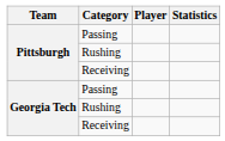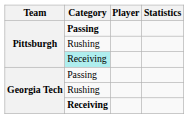 <table class="wikitable" style="float:right">
 <tr>
 <th>Team</th>
 <th>Category</th>
 <th>Player</th>
 <th>Statistics</th>
 </tr>
 <tr>
 <th rowspan=3>Pittsburgh</th>
-<td>Passing</td>
+<td><strong>Passing</strong></td>
 <td></td>
 <td></td>
 </tr>
 <tr>
 <td>Rushing</td>
 <td></td>
 <td></td>
 </tr>
 <tr>
-<td>Receiving</td>
+<td style="background: paleturquoise;">Receiving</td>
 <td></td>
 <td></td>
 </tr>
 <tr>
 <th rowspan=3>Georgia Tech</th>
 <td>Passing</td>
 <td></td>
 <td></td>
 </tr>
 <tr>
 <td>Rushing</td>
 <td></td>
 <td></td>
 </tr>
 <tr>
-<td>Receiving</td>
+<td><strong>Receiving</strong></td>
 <td></td>
 <td></td>
 </tr>
 </table>
